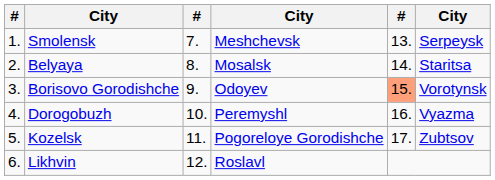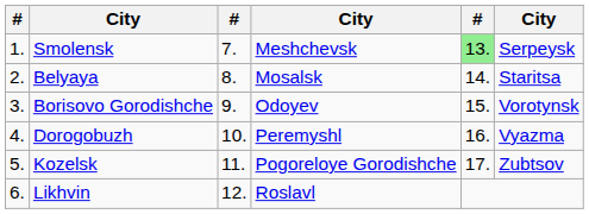 <table class="wikitable">
 <tr>
 <th>#</th>
 <th>City</th>
 <th>#</th>
 <th>City</th>
 <th>#</th>
 <th>City</th>
 </tr>
 <tr>
 <td>1.</td>
 <td><a href='#'>Smolensk</a></td>
 <td>7.</td>
 <td><a href='#'>Meshchevsk</a></td>
-<td>13.</td>
+<td style="background: lightgreen;">13.</td>
 <td><a href='#'>Serpeysk</a></td>
 </tr>
 <tr>
 <td>2.</td>
 <td><a href='#'>Belyaya</a></td>
 <td>8.</td>
 <td><a href='#'>Mosalsk</a></td>
 <td>14.</td>
 <td><a href='#'>Staritsa</a></td>
 </tr>
 <tr>
 <td>3.</td>
 <td><a href='#'>Borisovo Gorodishche</a></td>
 <td>9.</td>
 <td><a href='#'>Odoyev</a></td>
-<td style="background: lightsalmon;">15.</td>
+<td>15.</td>
 <td><a href='#'>Vorotynsk</a></td>
 </tr>
 <tr>
 <td>4.</td>
 <td><a href='#'>Dorogobuzh</a></td>
 <td>10.</td>
 <td><a href='#'>Peremyshl</a></td>
 <td>16.</td>
 <td><a href='#'>Vyazma</a></td>
 </tr>
 <tr>
 <td>5.</td>
 <td><a href='#'>Kozelsk</a></td>
 <td>11.</td>
 <td><a href='#'>Pogoreloye Gorodishche</a></td>
 <td>17.</td>
 <td><a href='#'>Zubtsov</a></td>
 </tr>
 <tr>
 <td>6.</td>
 <td><a href='#'>Likhvin</a></td>
 <td>12.</td>
 <td><a href='#'>Roslavl</a></td>
 </tr>
 </table>
